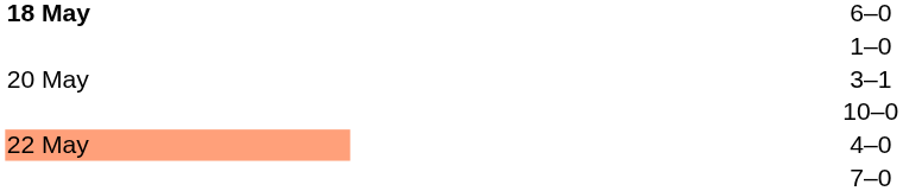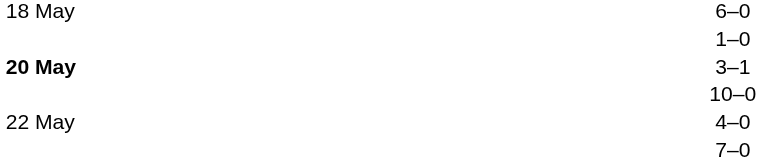 <table cellspacing=1 width=70%>
 <tr>
 <th width=25%></th>
 <th width=30%></th>
 <th width=15%></th>
 <th width=30%></th>
 </tr>
 <tr>
-<td><strong>18 May</strong></td>
+<td>18 May</td>
 <td align=right></td>
 <td align=center>6–0</td>
 <td></td>
 </tr>
 <tr>
 <td></td>
 <td align=right></td>
 <td align=center>1–0</td>
 <td></td>
 </tr>
 <tr>
-<td>20 May</td>
+<td><strong>20 May</strong></td>
 <td align=right></td>
 <td align=center>3–1</td>
 <td></td>
 </tr>
 <tr>
 <td></td>
 <td align=right></td>
 <td align=center>10–0</td>
 <td></td>
 </tr>
 <tr>
-<td style="background: lightsalmon;">22 May</td>
+<td>22 May</td>
 <td align=right></td>
 <td align=center>4–0</td>
 <td></td>
 </tr>
 <tr>
 <td></td>
 <td align=right></td>
 <td align=center>7–0</td>
 <td></td>
 </tr>
 </table>
